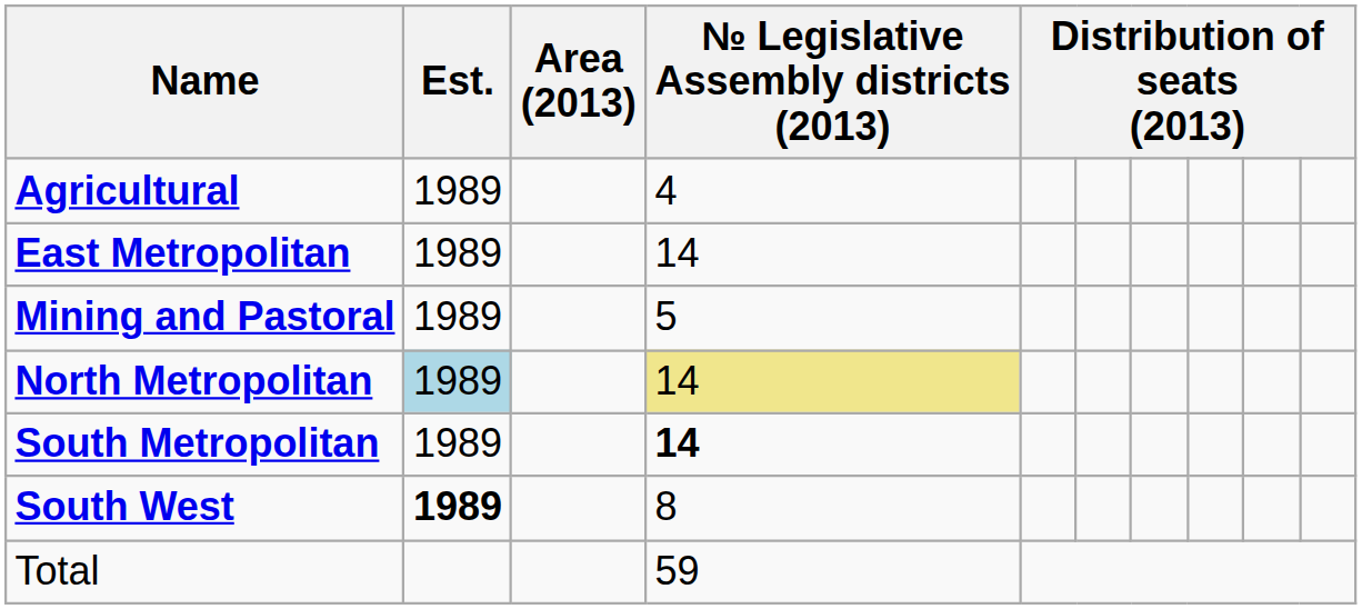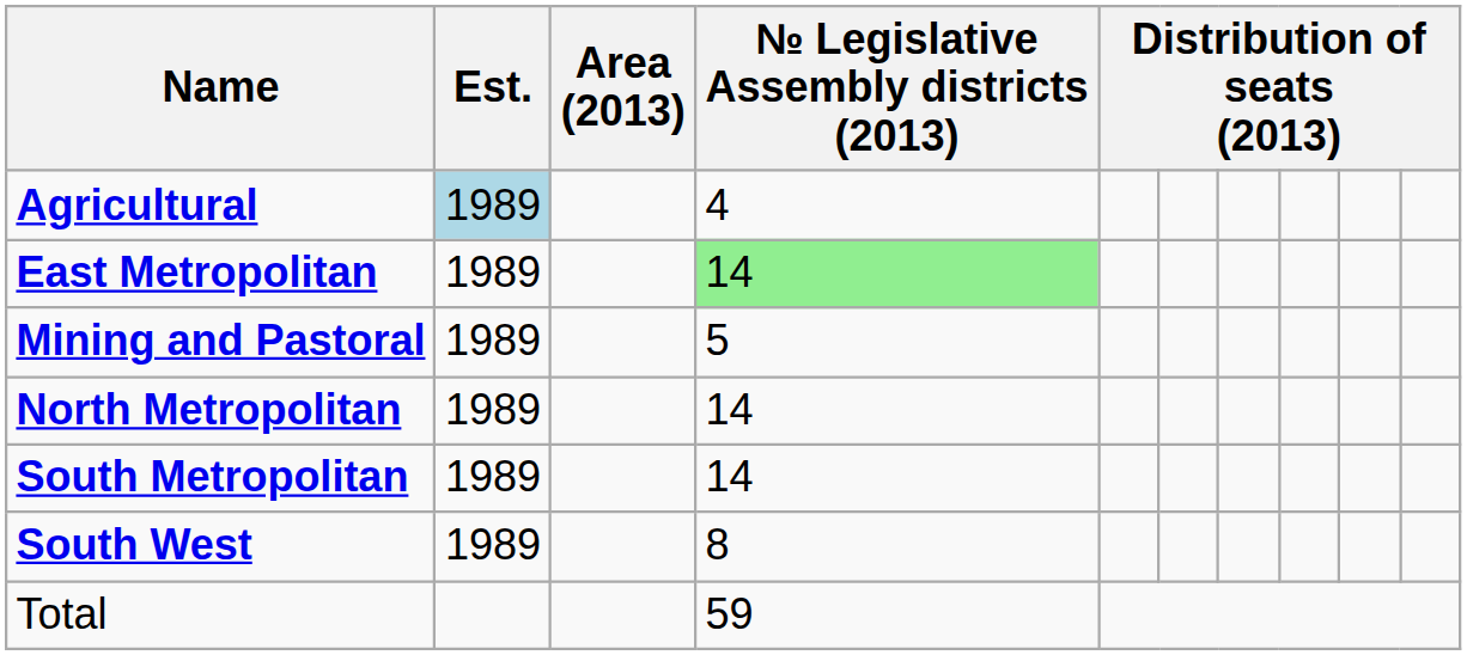 <table class="wikitable">
 <tr>
 <th>Name</th>
 <th>Est.</th>
 <th>Area<br>(2013)</th>
 <th>№ Legislative<br> Assembly districts <br> (2013)</th>
 <th colspan="6">Distribution of seats<br>(2013)</th>
 </tr>
 <tr>
 <td><strong><a href='#'>Agricultural</a></strong></td>
-<td>1989</td>
+<td style="background: lightblue;">1989</td>
 <td></td>
 <td>4</td>
 <td width=15 > </td>
 <td width=15 > </td>
 <td width=15 > </td>
 <td width=15 > </td>
 <td width=15 > </td>
 <td width=15 > </td>
 </tr>
 <tr>
 <td><strong><a href='#'>East Metropolitan</a></strong></td>
 <td>1989</td>
 <td></td>
-<td>14</td>
+<td style="background: lightgreen;">14</td>
 <td width=15 > </td>
 <td width=15 > </td>
 <td width=15 > </td>
 <td width=15 > </td>
 <td width=15 > </td>
 <td width=15 > </td>
 </tr>
 <tr>
 <td><strong><a href='#'>Mining and Pastoral</a></strong></td>
 <td>1989</td>
 <td></td>
 <td>5</td>
 <td width=15 > </td>
 <td width=15 > </td>
 <td width=15 > </td>
 <td width=15 > </td>
 <td width=15 > </td>
 <td width=15 > </td>
 </tr>
 <tr>
 <td><strong><a href='#'>North Metropolitan</a></strong></td>
-<td style="background: lightblue;">1989</td>
+<td>1989</td>
 <td></td>
-<td style="background: khaki;">14</td>
+<td>14</td>
 <td width=15 > </td>
 <td width=15 > </td>
 <td width=15 > </td>
 <td width=15 > </td>
 <td width=15 > </td>
 <td width=15 > </td>
 </tr>
 <tr>
 <td><strong><a href='#'>South Metropolitan</a></strong></td>
 <td>1989</td>
 <td></td>
-<td><strong>14</strong></td>
+<td>14</td>
 <td width=15 > </td>
 <td width=15 > </td>
 <td width=15 > </td>
 <td width=15 > </td>
 <td width=15 > </td>
 <td width=15 > </td>
 </tr>
 <tr>
 <td><strong><a href='#'>South West</a></strong></td>
-<td><strong>1989</strong></td>
+<td>1989</td>
 <td></td>
 <td>8</td>
 <td width=15 > </td>
 <td width=15 > </td>
 <td width=15 > </td>
 <td width=15 > </td>
 <td width=15 > </td>
 <td width=15 > </td>
 </tr>
 <tr>
 <td>Total</td>
 <td></td>
 <td></td>
 <td>59</td>
 </tr>
 </table>
